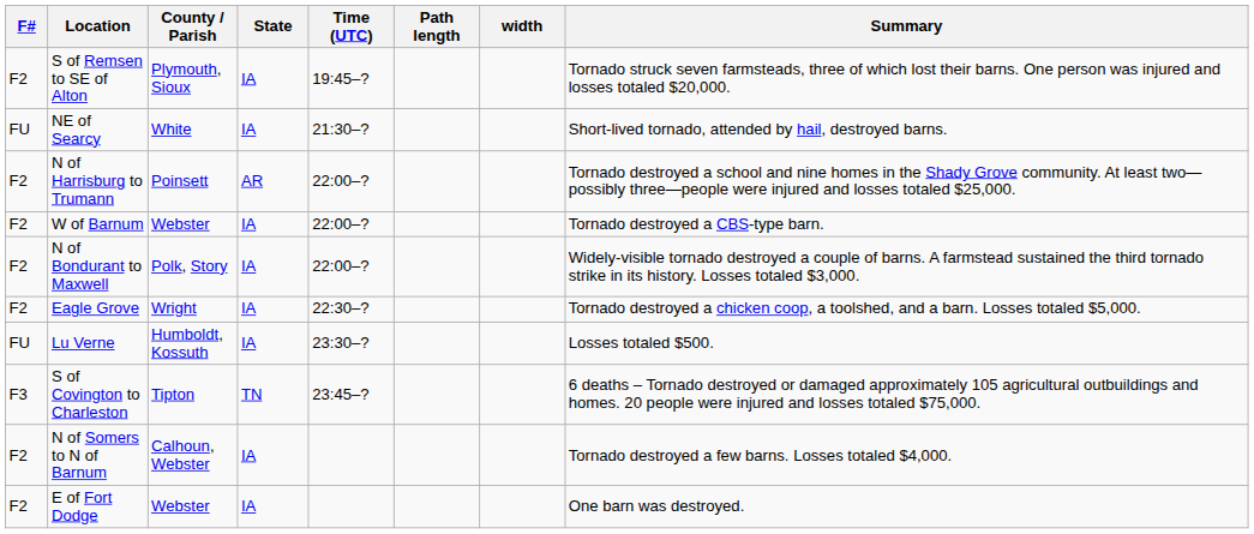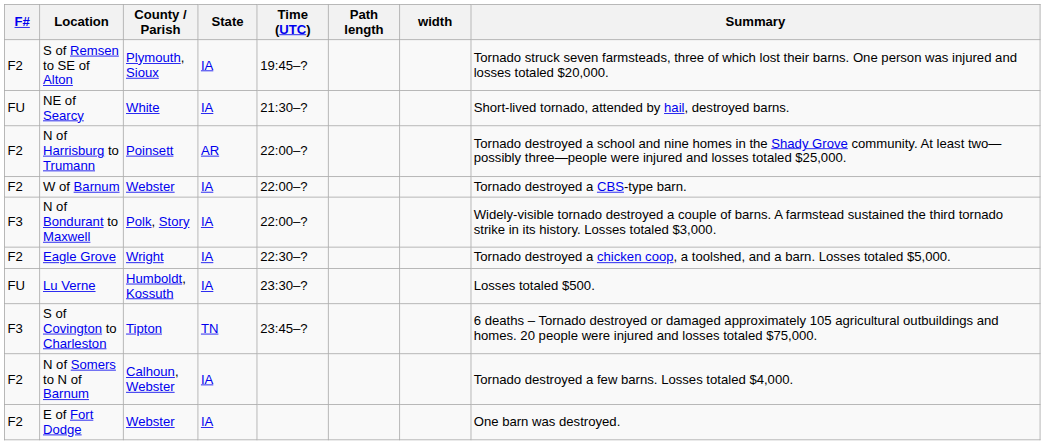 <table class="wikitable sortable" style="width:100%;">
 <tr>
 <th scope="col"  style="width:3%; text-align:center;"><a href='#'>F#</a></th>
 <th scope="col"  style="width:7%; text-align:center;" class="unsortable">Location</th>
 <th scope="col"  style="width:6%; text-align:center;" class="unsortable">County / Parish</th>
 <th scope="col"  style="width:5%; text-align:center;">State</th>
 <th scope="col"  style="width:6%; text-align:center;">Time (<a href='#'>UTC</a>)</th>
 <th scope="col"  style="width:6%; text-align:center;">Path length</th>
 <th scope="col"  style="width:6%; text-align:center;"> width</th>
 <th scope="col" class="unsortable" style="width:48%; text-align:center;">Summary</th>
 </tr>
 <tr>
 <td>F2</td>
 <td>S of <a href='#'>Remsen</a> to SE of <a href='#'>Alton</a></td>
 <td><a href='#'>Plymouth</a>, <a href='#'>Sioux</a></td>
 <td><a href='#'>IA</a></td>
 <td>19:45–?</td>
 <td></td>
 <td></td>
 <td>Tornado struck seven farmsteads, three of which lost their barns. One person was injured and losses totaled $20,000.</td>
 </tr>
 <tr>
 <td>FU</td>
 <td>NE of <a href='#'>Searcy</a></td>
 <td><a href='#'>White</a></td>
 <td><a href='#'>IA</a></td>
 <td>21:30–?</td>
 <td></td>
 <td></td>
 <td>Short-lived tornado, attended by <a href='#'>hail</a>, destroyed barns.</td>
 </tr>
 <tr>
 <td>F2</td>
 <td>N of <a href='#'>Harrisburg</a> to <a href='#'>Trumann</a></td>
 <td><a href='#'>Poinsett</a></td>
 <td><a href='#'>AR</a></td>
 <td>22:00–?</td>
 <td></td>
 <td></td>
 <td>Tornado destroyed a school and nine homes in the <a href='#'>Shady Grove</a> community. At least two—possibly three—people were injured and losses totaled $25,000.</td>
 </tr>
 <tr>
 <td>F2</td>
 <td>W of <a href='#'>Barnum</a></td>
 <td><a href='#'>Webster</a></td>
 <td><a href='#'>IA</a></td>
 <td>22:00–?</td>
 <td></td>
 <td></td>
 <td>Tornado destroyed a <a href='#'>CBS</a>-type barn.</td>
 </tr>
 <tr>
-<td>F2</td>
+<td>F3</td>
 <td>N of <a href='#'>Bondurant</a> to <a href='#'>Maxwell</a></td>
 <td><a href='#'>Polk</a>, <a href='#'>Story</a></td>
 <td><a href='#'>IA</a></td>
 <td>22:00–?</td>
 <td></td>
 <td></td>
 <td>Widely-visible tornado destroyed a couple of barns. A farmstead sustained the third tornado strike in its history. Losses totaled $3,000.</td>
 </tr>
 <tr>
 <td>F2</td>
 <td><a href='#'>Eagle Grove</a></td>
 <td><a href='#'>Wright</a></td>
 <td><a href='#'>IA</a></td>
 <td>22:30–?</td>
 <td></td>
 <td></td>
 <td>Tornado destroyed a <a href='#'>chicken coop</a>, a toolshed, and a barn. Losses totaled $5,000.</td>
 </tr>
 <tr>
 <td>FU</td>
 <td><a href='#'>Lu Verne</a></td>
 <td><a href='#'>Humboldt</a>, <a href='#'>Kossuth</a></td>
 <td><a href='#'>IA</a></td>
 <td>23:30–?</td>
 <td></td>
 <td></td>
 <td>Losses totaled $500.</td>
 </tr>
 <tr>
 <td>F3</td>
 <td>S of <a href='#'>Covington</a> to <a href='#'>Charleston</a></td>
 <td><a href='#'>Tipton</a></td>
 <td><a href='#'>TN</a></td>
 <td>23:45–?</td>
 <td></td>
 <td></td>
 <td>6 deaths – Tornado destroyed or damaged approximately 105 agricultural outbuildings and homes. 20 people were injured and losses totaled $75,000.</td>
 </tr>
 <tr>
 <td>F2</td>
 <td>N of <a href='#'>Somers</a> to N of <a href='#'>Barnum</a></td>
 <td><a href='#'>Calhoun</a>, <a href='#'>Webster</a></td>
 <td><a href='#'>IA</a></td>
 <td></td>
 <td></td>
 <td></td>
 <td>Tornado destroyed a few barns. Losses totaled $4,000.</td>
 </tr>
 <tr>
 <td>F2</td>
 <td>E of <a href='#'>Fort Dodge</a></td>
 <td><a href='#'>Webster</a></td>
 <td><a href='#'>IA</a></td>
 <td></td>
 <td></td>
 <td></td>
 <td>One barn was destroyed.</td>
 </tr>
 </table>
